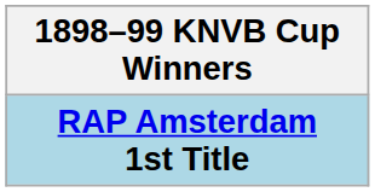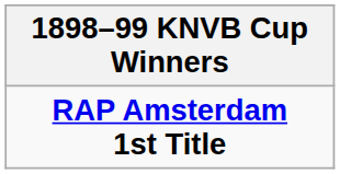 <table class="wikitable" style="text-align: center; margin: 0 auto; width: 20%">
 <tr>
 <th>1898–99 KNVB Cup Winners</th>
 </tr>
 <tr>
-<td style="background: lightblue;"><strong><a href='#'>RAP Amsterdam</a></strong><br><strong>1st Title</strong></td>
+<td><strong><a href='#'>RAP Amsterdam</a></strong><br><strong>1st Title</strong></td>
 </tr>
 </table>
